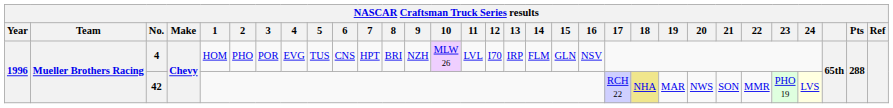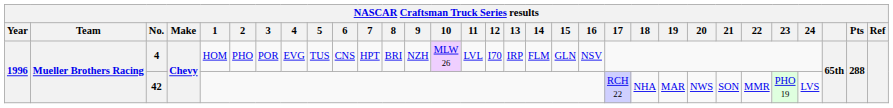 <table class="wikitable" style="text-align:center; font-size:75%">
 <tr>
 <th colspan=45><a href='#'>NASCAR</a> <a href='#'>Craftsman Truck Series</a> results</th>
 </tr>
 <tr>
 <th>Year</th>
 <th>Team</th>
 <th>No.</th>
 <th>Make</th>
 <th>1</th>
 <th>2</th>
 <th>3</th>
 <th>4</th>
 <th>5</th>
 <th>6</th>
 <th>7</th>
 <th>8</th>
 <th>9</th>
 <th>10</th>
 <th>11</th>
 <th>12</th>
 <th>13</th>
 <th>14</th>
 <th>15</th>
 <th>16</th>
 <th>17</th>
 <th>18</th>
 <th>19</th>
 <th>20</th>
 <th>21</th>
 <th>22</th>
 <th>23</th>
 <th>24</th>
 <th></th>
 <th>Pts</th>
 <th>Ref</th>
 </tr>
 <tr>
 <th rowspan=2><a href='#'>1996</a></th>
 <th rowspan=2><a href='#'>Mueller Brothers Racing</a></th>
 <th>4</th>
 <th rowspan=2><a href='#'>Chevy</a></th>
 <td><a href='#'>HOM</a></td>
 <td><a href='#'>PHO</a></td>
 <td><a href='#'>POR</a></td>
 <td><a href='#'>EVG</a></td>
 <td><a href='#'>TUS</a></td>
 <td><a href='#'>CNS</a></td>
 <td><a href='#'>HPT</a></td>
 <td><a href='#'>BRI</a></td>
 <td><a href='#'>NZH</a></td>
 <td style="background:#EFCFFF;"><a href='#'>MLW</a><br><small>26</small></td>
 <td><a href='#'>LVL</a></td>
 <td><a href='#'>I70</a></td>
 <td><a href='#'>IRP</a></td>
 <td><a href='#'>FLM</a></td>
 <td><a href='#'>GLN</a></td>
 <td><a href='#'>NSV</a></td>
 <td colspan=8></td>
 <th rowspan=2>65th</th>
 <th rowspan=2>288</th>
 <th rowspan=2></th>
 </tr>
 <tr>
 <th>42</th>
 <td colspan=16></td>
 <td style="background:#CFCFFF;"><a href='#'>RCH</a><br><small>22</small></td>
-<td style="background: khaki;"><a href='#'>NHA</a></td>
+<td><a href='#'>NHA</a></td>
 <td><a href='#'>MAR</a></td>
 <td><a href='#'>NWS</a></td>
 <td><a href='#'>SON</a></td>
 <td><a href='#'>MMR</a></td>
 <td style="background:#DFFFDF;"><a href='#'>PHO</a><br><small>19</small></td>
-<td style="background: lightyellow;"><a href='#'>LVS</a></td>
+<td><a href='#'>LVS</a></td>
 </tr>
 </table>
